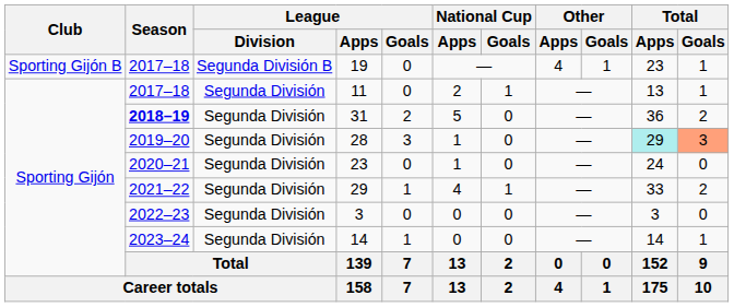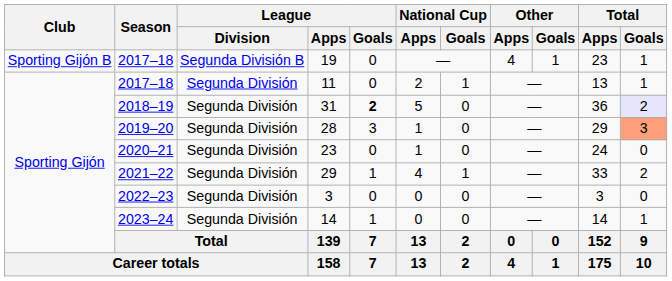 <table class="wikitable" style="text-align:center">
 <tr>
 <th rowspan="2">Club</th>
 <th rowspan="2">Season</th>
 <th colspan="3">League</th>
 <th colspan="2">National Cup</th>
 <th colspan="2">Other</th>
 <th colspan="2">Total</th>
 </tr>
 <tr>
 <th>Division</th>
 <th>Apps</th>
 <th>Goals</th>
 <th>Apps</th>
 <th>Goals</th>
 <th>Apps</th>
 <th>Goals</th>
 <th>Apps</th>
 <th>Goals</th>
 </tr>
 <tr>
 <td><a href='#'>Sporting Gijón B</a></td>
 <td><a href='#'>2017–18</a></td>
 <td><a href='#'>Segunda División B</a></td>
 <td>19</td>
 <td>0</td>
 <td colspan="2">—</td>
 <td>4</td>
 <td>1</td>
 <td>23</td>
 <td>1</td>
 </tr>
 <tr>
 <td rowspan="8"><a href='#'>Sporting Gijón</a></td>
 <td><a href='#'>2017–18</a></td>
 <td><a href='#'>Segunda División</a></td>
 <td>11</td>
 <td>0</td>
 <td>2</td>
 <td>1</td>
 <td colspan="2">—</td>
 <td>13</td>
 <td>1</td>
 </tr>
 <tr>
-<td><strong><a href='#'>2018–19</a></strong></td>
+<td><a href='#'>2018–19</a></td>
 <td>Segunda División</td>
 <td>31</td>
-<td>2</td>
+<td><strong>2</strong></td>
 <td>5</td>
 <td>0</td>
 <td colspan="2">—</td>
 <td>36</td>
-<td>2</td>
+<td style="background: lavender;">2</td>
 </tr>
 <tr>
 <td><a href='#'>2019–20</a></td>
 <td>Segunda División</td>
 <td>28</td>
 <td>3</td>
 <td>1</td>
 <td>0</td>
 <td colspan="2">—</td>
-<td style="background: paleturquoise;">29</td>
+<td>29</td>
 <td style="background: lightsalmon;">3</td>
 </tr>
 <tr>
 <td><a href='#'>2020–21</a></td>
 <td>Segunda División</td>
 <td>23</td>
 <td>0</td>
 <td>1</td>
 <td>0</td>
 <td colspan="2">—</td>
 <td>24</td>
 <td>0</td>
 </tr>
 <tr>
 <td><a href='#'>2021–22</a></td>
 <td>Segunda División</td>
 <td>29</td>
 <td>1</td>
 <td>4</td>
 <td>1</td>
 <td colspan="2">—</td>
 <td>33</td>
 <td>2</td>
 </tr>
 <tr>
 <td><a href='#'>2022–23</a></td>
 <td>Segunda División</td>
 <td>3</td>
 <td>0</td>
 <td>0</td>
 <td>0</td>
 <td colspan="2">—</td>
 <td>3</td>
 <td>0</td>
 </tr>
 <tr>
 <td><a href='#'>2023–24</a></td>
 <td>Segunda División</td>
 <td>14</td>
 <td>1</td>
 <td>0</td>
 <td>0</td>
 <td colspan="2">—</td>
 <td>14</td>
 <td>1</td>
 </tr>
 <tr>
 <th colspan="2">Total</th>
 <th>139</th>
 <th>7</th>
 <th>13</th>
 <th>2</th>
 <th>0</th>
 <th>0</th>
 <th>152</th>
 <th>9</th>
 </tr>
 <tr>
 <th colspan="3">Career totals</th>
 <th>158</th>
 <th>7</th>
 <th>13</th>
 <th>2</th>
 <th>4</th>
 <th>1</th>
 <th>175</th>
 <th>10</th>
 </tr>
 </table>
